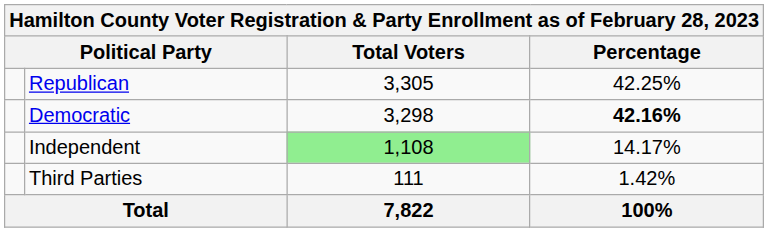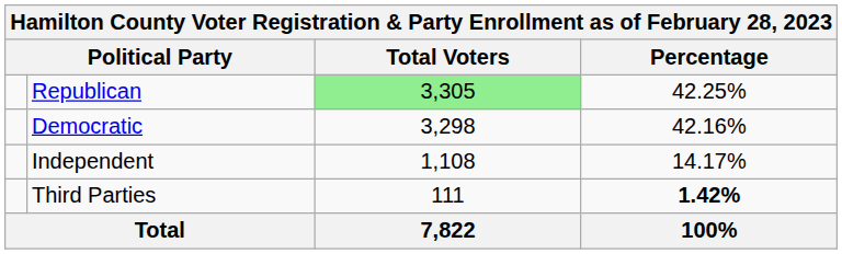 <table class=wikitable>
 <tr>
 <th colspan = 6>Hamilton County Voter Registration & Party Enrollment as of February 28, 2023</th>
 </tr>
 <tr>
 <th colspan = 2>Political Party</th>
 <th>Total Voters</th>
 <th>Percentage</th>
 </tr>
 <tr>
 <td></td>
 <td><a href='#'>Republican</a></td>
-<td align = center>3,305</td>
+<td align = center style="background: lightgreen;">3,305</td>
 <td align = center>42.25%</td>
 </tr>
 <tr>
 <td></td>
 <td><a href='#'>Democratic</a></td>
 <td align = center>3,298</td>
-<td align = center><strong>42.16%</strong></td>
+<td align = center>42.16%</td>
 </tr>
 <tr>
 <td></td>
 <td>Independent</td>
-<td align = center style="background: lightgreen;">1,108</td>
+<td align = center>1,108</td>
 <td align = center>14.17%</td>
 </tr>
 <tr>
 <td></td>
 <td>Third Parties</td>
 <td align = center>111</td>
-<td align = center>1.42%</td>
+<td align = center><strong>1.42%</strong></td>
 </tr>
 <tr>
 <th colspan = 2>Total</th>
 <th align = center>7,822</th>
 <th align = center>100%</th>
 </tr>
 </table>
